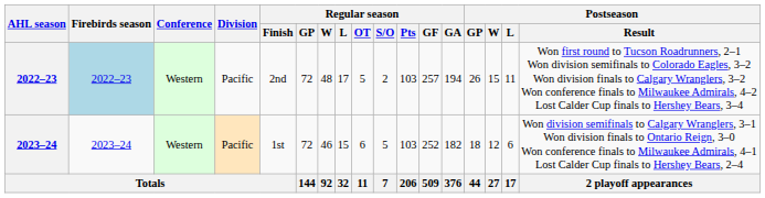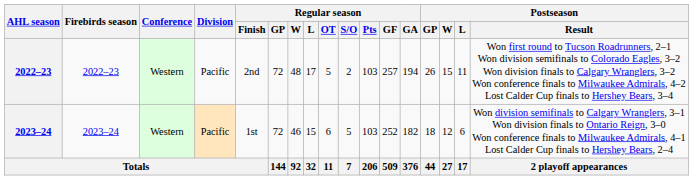 <table class="wikitable" style="text-align: center; font-size: 95%">
 <tr>
 <th scope="col" rowspan="2"><a href='#'>AHL season</a></th>
 <th scope="col" rowspan="2">Firebirds season</th>
 <th scope="col" rowspan="2"><a href='#'>Conference</a></th>
 <th scope="col" rowspan="2"><a href='#'>Division</a></th>
 <th scope=colgroup colspan="9">Regular season</th>
 <th scope=colgroup colspan="4">Postseason</th>
 </tr>
 <tr>
 <th scope="col">Finish</th>
 <th scope="col">GP</th>
 <th scope="col">W</th>
 <th scope="col">L</th>
 <th scope="col"><a href='#'>OT</a></th>
 <th scope="col"><a href='#'>S/O</a></th>
 <th scope="col"><a href='#'>Pts</a></th>
 <th scope="col">GF</th>
 <th scope="col">GA</th>
 <th scope="col">GP</th>
 <th scope="col">W</th>
 <th scope="col">L</th>
 <th scope="col">Result</th>
 </tr>
 <tr>
 <th scope=row><a href='#'>2022–23</a></th>
-<td style="background: lightblue;"><a href='#'>2022–23</a></td>
+<td><a href='#'>2022–23</a></td>
 <td bgcolor="#ddffdd">Western</td>
 <td>Pacific</td>
 <td>2nd</td>
 <td>72</td>
 <td>48</td>
 <td>17</td>
 <td>5</td>
 <td>2</td>
 <td>103</td>
 <td>257</td>
 <td>194</td>
 <td>26</td>
 <td>15</td>
 <td>11</td>
 <td>Won <a href='#'>first round</a> to <a href='#'>Tucson Roadrunners</a>, 2–1<br>Won division semifinals to <a href='#'>Colorado Eagles</a>, 3–2<br>Won division finals to <a href='#'>Calgary Wranglers</a>, 3–2<br>Won conference finals to <a href='#'>Milwaukee Admirals</a>, 4–2<br>Lost Calder Cup finals to <a href='#'>Hershey Bears</a>, 3–4</td>
 </tr>
 <tr>
 <th scope=row><a href='#'>2023–24</a></th>
 <td><a href='#'>2023–24</a></td>
 <td bgcolor="#ddffdd">Western</td>
 <td bgcolor="#FFE6BD">Pacific </td>
 <td>1st</td>
 <td>72</td>
 <td>46</td>
 <td>15</td>
 <td>6</td>
 <td>5</td>
 <td>103</td>
 <td>252</td>
 <td>182</td>
 <td>18</td>
 <td>12</td>
 <td>6</td>
 <td>Won <a href='#'>division semifinals</a> to <a href='#'>Calgary Wranglers</a>, 3–1<br>Won division finals to <a href='#'>Ontario Reign</a>, 3–0<br>Won conference finals to <a href='#'>Milwaukee Admirals</a>, 4–1<br>Lost Calder Cup finals to <a href='#'>Hershey Bears</a>, 2–4</td>
 </tr>
 <tr>
 <th colspan="5">Totals</th>
 <th>144</th>
 <th>92</th>
 <th>32</th>
 <th>11</th>
 <th>7</th>
 <th>206</th>
 <th>509</th>
 <th>376</th>
 <th>44</th>
 <th>27</th>
 <th>17</th>
 <th>2 playoff appearances</th>
 </tr>
 </table>
